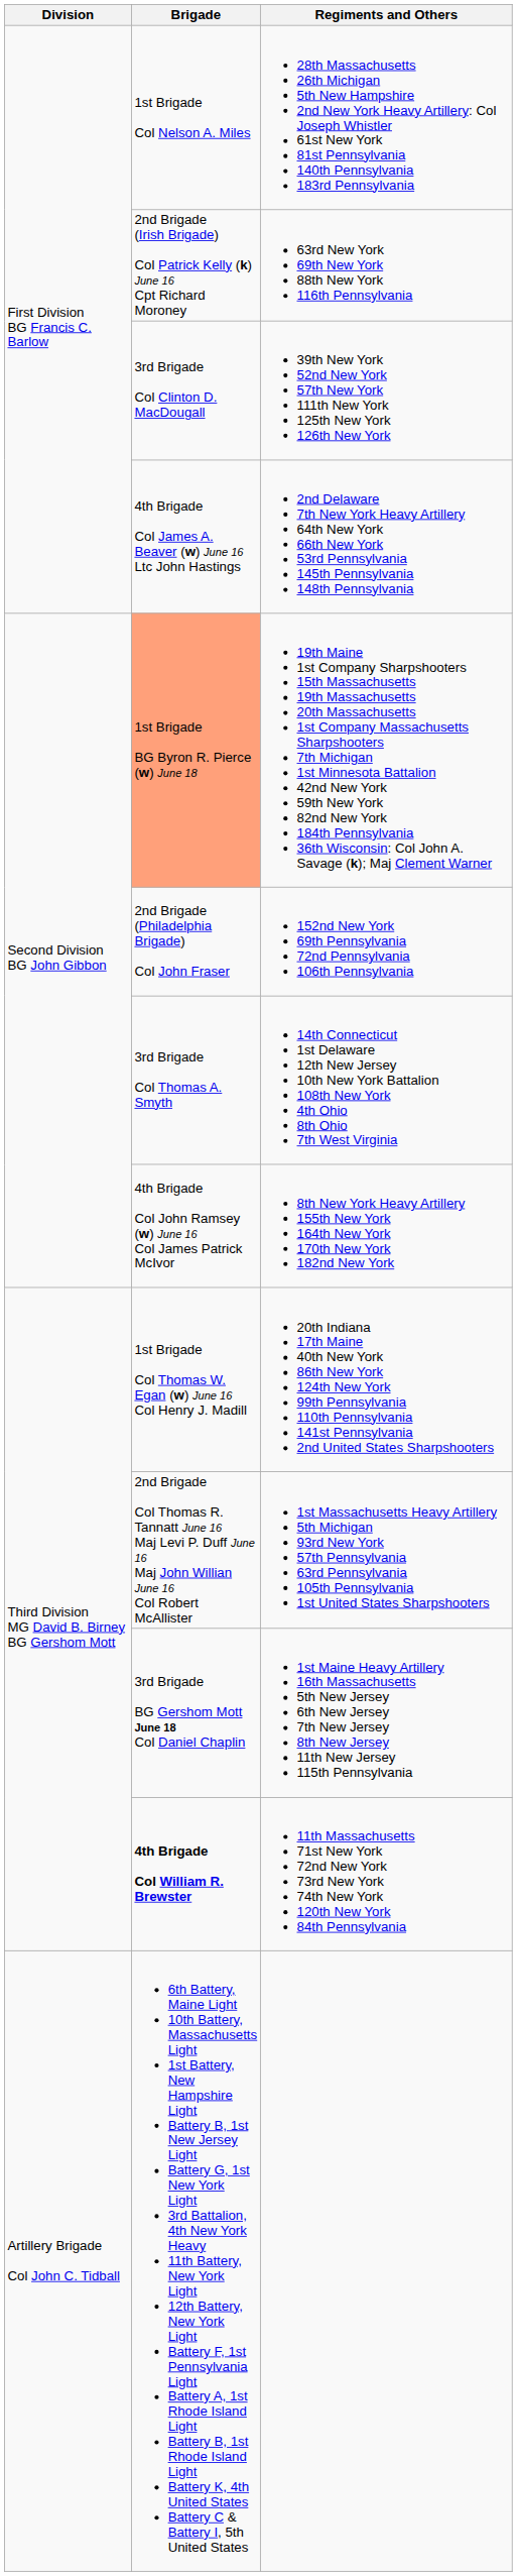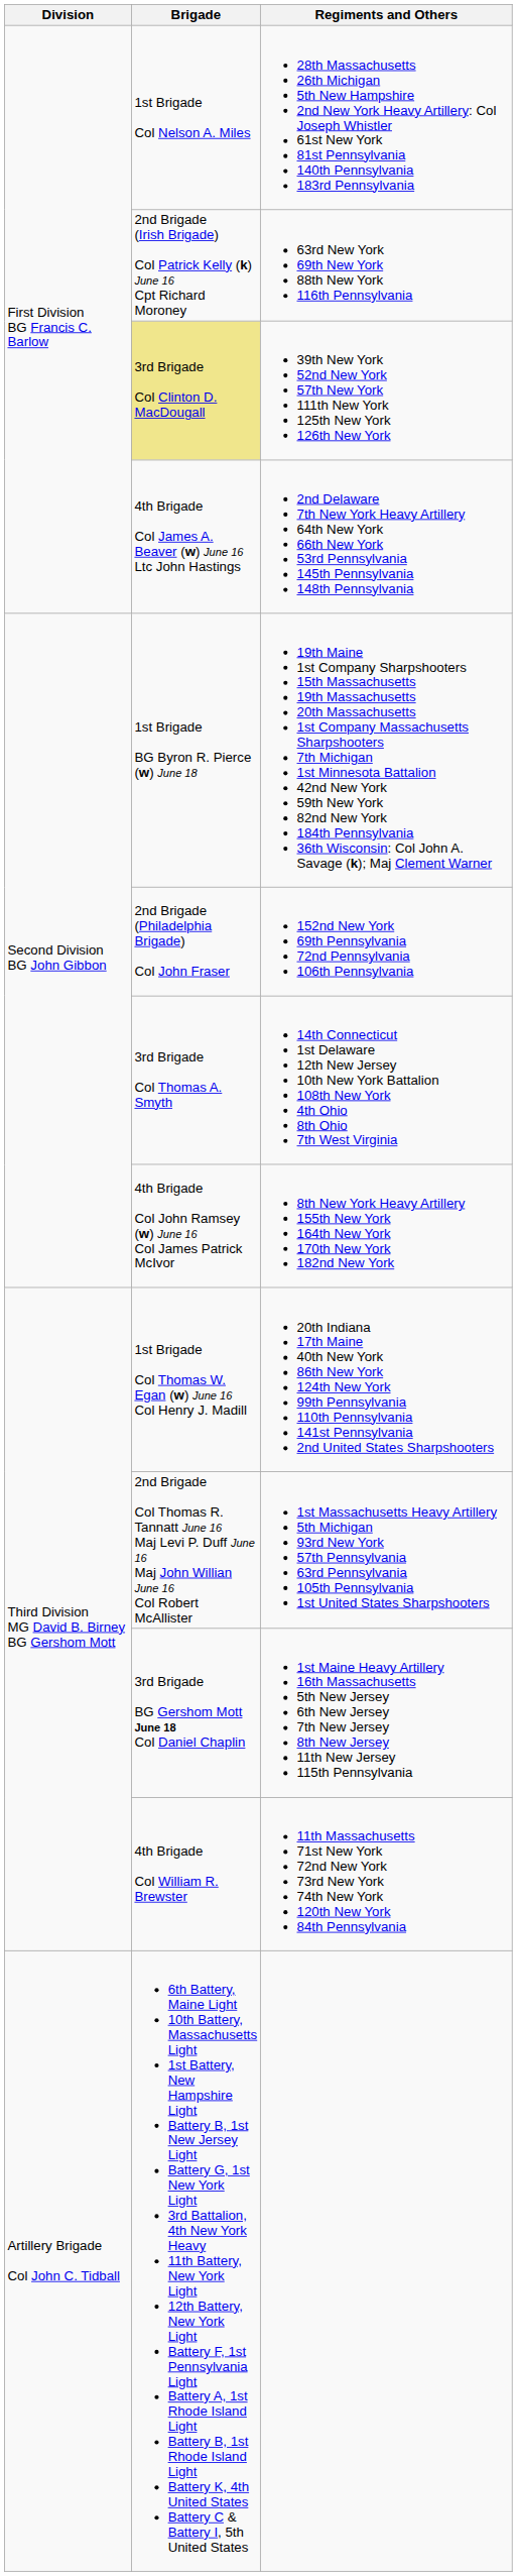 <table class="wikitable">
 <tr>
 <th width=25%>Division</th>
 <th width=25%>Brigade</th>
 <th>Regiments and Others</th>
 </tr>
 <tr>
 <td rowspan=4><br>First Division <br> BG <a href='#'>Francis C. Barlow</a></td>
 <td>1st Brigade<br><br> Col <a href='#'>Nelson A. Miles</a></td>
 <td><br><ul><li><a href='#'>28th Massachusetts</a></li><li><a href='#'>26th Michigan</a></li><li><a href='#'>5th New Hampshire</a></li><li><a href='#'>2nd New York Heavy Artillery</a>: Col <a href='#'>Joseph Whistler</a></li><li>61st New York</li><li><a href='#'>81st Pennsylvania</a></li><li><a href='#'>140th Pennsylvania</a></li><li><a href='#'>183rd Pennsylvania</a></li></ul></td>
 </tr>
 <tr>
 <td>2nd Brigade<br>(<a href='#'>Irish Brigade</a>)<br><br> Col <a href='#'>Patrick Kelly</a> (<strong>k</strong>) <small><em>June 16</em></small> <br> Cpt Richard Moroney</td>
 <td><br><ul><li>63rd New York</li><li><a href='#'>69th New York</a></li><li>88th New York</li><li><a href='#'>116th Pennsylvania</a></li></ul></td>
 </tr>
 <tr>
-<td>3rd Brigade<br><br> Col <a href='#'>Clinton D. MacDougall</a></td>
+<td style="background: khaki;">3rd Brigade<br><br> Col <a href='#'>Clinton D. MacDougall</a></td>
 <td><br><ul><li>39th New York</li><li><a href='#'>52nd New York</a></li><li><a href='#'>57th New York</a></li><li>111th New York</li><li>125th New York</li><li><a href='#'>126th New York</a></li></ul></td>
 </tr>
 <tr>
 <td>4th Brigade<br><br> Col <a href='#'>James A. Beaver</a> (<strong>w</strong>) <small><em>June 16</em></small> <br> Ltc John Hastings</td>
 <td><br><ul><li><a href='#'>2nd Delaware</a></li><li><a href='#'>7th New York Heavy Artillery</a></li><li>64th New York</li><li><a href='#'>66th New York</a></li><li><a href='#'>53rd Pennsylvania</a></li><li><a href='#'>145th Pennsylvania</a></li><li><a href='#'>148th Pennsylvania</a></li></ul></td>
 </tr>
 <tr>
 <td rowspan=4><br>Second Division <br> BG <a href='#'>John Gibbon</a></td>
-<td style="background: lightsalmon;">1st Brigade<br><br> BG Byron R. Pierce (<strong>w</strong>) <small><em>June 18</em></small></td>
+<td>1st Brigade<br><br> BG Byron R. Pierce (<strong>w</strong>) <small><em>June 18</em></small></td>
 <td><br><ul><li><a href='#'>19th Maine</a></li><li>1st Company Sharpshooters</li><li><a href='#'>15th Massachusetts</a></li><li><a href='#'>19th Massachusetts</a></li><li><a href='#'>20th Massachusetts</a></li><li><a href='#'>1st Company Massachusetts Sharpshooters</a></li><li><a href='#'>7th Michigan</a></li><li><a href='#'>1st Minnesota Battalion</a></li><li>42nd New York</li><li>59th New York</li><li>82nd New York</li><li><a href='#'>184th Pennsylvania</a></li><li><a href='#'>36th Wisconsin</a>: Col John A. Savage (<strong>k</strong>); Maj <a href='#'>Clement Warner</a></li></ul></td>
 </tr>
 <tr>
 <td>2nd Brigade<br>(<a href='#'>Philadelphia Brigade</a>)<br><br> Col <a href='#'>John Fraser</a></td>
 <td><br><ul><li><a href='#'>152nd New York</a></li><li><a href='#'>69th Pennsylvania</a></li><li><a href='#'>72nd Pennsylvania</a></li><li><a href='#'>106th Pennsylvania</a></li></ul></td>
 </tr>
 <tr>
 <td>3rd Brigade<br><br> Col <a href='#'>Thomas A. Smyth</a></td>
 <td><br><ul><li><a href='#'>14th Connecticut</a></li><li>1st Delaware</li><li>12th New Jersey</li><li>10th New York Battalion</li><li><a href='#'>108th New York</a></li><li><a href='#'>4th Ohio</a></li><li><a href='#'>8th Ohio</a></li><li><a href='#'>7th West Virginia</a></li></ul></td>
 </tr>
 <tr>
 <td>4th Brigade<br><br> Col John Ramsey (<strong>w</strong>) <small><em>June 16</em></small><br> Col James Patrick McIvor</td>
 <td><br><ul><li><a href='#'>8th New York Heavy Artillery</a></li><li><a href='#'>155th New York</a></li><li><a href='#'>164th New York</a></li><li><a href='#'>170th New York</a></li><li><a href='#'>182nd New York</a></li></ul></td>
 </tr>
 <tr>
 <td rowspan=4><br>Third Division <br> MG <a href='#'>David B. Birney</a><br>BG <a href='#'>Gershom Mott</a></td>
 <td>1st Brigade<br><br> Col <a href='#'>Thomas W. Egan</a> (<strong>w</strong>) <small><em>June 16</em></small><br>Col Henry J. Madill</td>
 <td><br><ul><li>20th Indiana</li><li><a href='#'>17th Maine</a></li><li>40th New York</li><li><a href='#'>86th New York</a></li><li><a href='#'>124th New York</a></li><li><a href='#'>99th Pennsylvania</a></li><li><a href='#'>110th Pennsylvania</a></li><li><a href='#'>141st Pennsylvania</a></li><li><a href='#'>2nd United States Sharpshooters</a></li></ul></td>
 </tr>
 <tr>
 <td>2nd Brigade<br><br> Col Thomas R. Tannatt <small><em>June 16</em></small> <br> Maj Levi P. Duff <small><em>June 16</em></small> <br> Maj <a href='#'>John Willian</a> <small><em>June 16</em></small> <br> Col Robert McAllister</td>
 <td><br><ul><li><a href='#'>1st Massachusetts Heavy Artillery</a></li><li><a href='#'>5th Michigan</a></li><li><a href='#'>93rd New York</a></li><li><a href='#'>57th Pennsylvania</a></li><li><a href='#'>63rd Pennsylvania</a></li><li><a href='#'>105th Pennsylvania</a></li><li><a href='#'>1st United States Sharpshooters</a></li></ul></td>
 </tr>
 <tr>
 <td>3rd Brigade<br><br> BG <a href='#'>Gershom Mott</a> <small><strong>June 18</strong></small><br>Col <a href='#'>Daniel Chaplin</a></td>
 <td><br><ul><li><a href='#'>1st Maine Heavy Artillery</a></li><li><a href='#'>16th Massachusetts</a></li><li>5th New Jersey</li><li>6th New Jersey</li><li>7th New Jersey</li><li><a href='#'>8th New Jersey</a></li><li>11th New Jersey</li><li>115th Pennsylvania</li></ul></td>
 </tr>
 <tr>
-<td><strong>4th Brigade<br><br> Col <a href='#'>William R. Brewster</a></strong></td>
+<td>4th Brigade<br><br> Col <a href='#'>William R. Brewster</a></td>
 <td><br><ul><li><a href='#'>11th Massachusetts</a></li><li>71st New York</li><li>72nd New York</li><li>73rd New York</li><li>74th New York</li><li><a href='#'>120th New York</a></li><li><a href='#'>84th Pennsylvania</a></li></ul></td>
 </tr>
 <tr>
 <td>Artillery Brigade<br><br> Col <a href='#'>John C. Tidball</a></td>
 <td><br><ul><li><a href='#'>6th Battery, Maine Light</a></li><li><a href='#'>10th Battery, Massachusetts Light</a></li><li><a href='#'>1st Battery, New Hampshire Light</a></li><li><a href='#'>Battery B, 1st New Jersey Light</a></li><li><a href='#'>Battery G, 1st New York Light</a></li><li><a href='#'>3rd Battalion, 4th New York Heavy</a></li><li><a href='#'>11th Battery, New York Light</a></li><li><a href='#'>12th Battery, New York Light</a></li><li><a href='#'>Battery F, 1st Pennsylvania Light</a></li><li><a href='#'>Battery A, 1st Rhode Island Light</a></li><li><a href='#'>Battery B, 1st Rhode Island Light</a></li><li><a href='#'>Battery K, 4th United States</a></li><li><a href='#'>Battery C</a> & <a href='#'>Battery I</a>, 5th United States</li></ul></td>
 </tr>
 </table>
